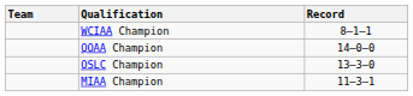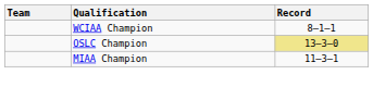 <table class="wikitable sortable" style="text-align: center;" width=500>
 <tr style="background:#efefef; text-align:center">
 <th style="text-align:left">Team</th>
 <th style="text-align:left">Qualification</th>
 <th style="text-align:left">Record</th>
 </tr>
 <tr style="text-align:center">
 <td style="text-align:left; "><a href='#'></a></td>
 <td style="text-align:left"><a href='#'>WCIAA</a> Champion</td>
 <td style="text-align:center">8–1–1</td>
 </tr>
 <tr style="text-align:center">
 <td style="text-align:left; "><a href='#'></a></td>
-<td style="text-align:left"><a href='#'>QOAA</a> Champion</td>
-<td style="text-align:center">14–0–0</td>
-</tr>
-<tr style="text-align:center">
-<td style="text-align:left; "><a href='#'></a></td>
 <td style="text-align:left"><a href='#'>OSLC</a> Champion</td>
-<td style="text-align:center">13–3–0</td>
+<td style="background: khaki; text-align:center">13–3–0</td>
 </tr>
 <tr style="text-align:center">
 <td style="text-align:left; "><a href='#'></a></td>
 <td style="text-align:left"><a href='#'>MIAA</a> Champion</td>
 <td style="text-align:center">11–3–1</td>
 </tr>
 </table>
